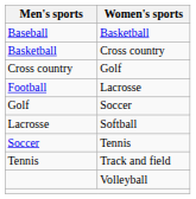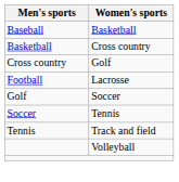 <table class="wikitable" style= "">
 <tr>
 <th width=120px>Men's sports</th>
 <th width=120px>Women's sports</th>
 </tr>
 <tr>
 <td><a href='#'>Baseball</a></td>
 <td><a href='#'>Basketball</a></td>
 </tr>
 <tr>
 <td><a href='#'>Basketball</a></td>
 <td>Cross country</td>
 </tr>
 <tr>
 <td>Cross country</td>
 <td>Golf</td>
 </tr>
 <tr>
 <td><a href='#'>Football</a></td>
 <td>Lacrosse</td>
 </tr>
 <tr>
 <td>Golf</td>
 <td>Soccer</td>
 </tr>
 <tr>
-<td>Lacrosse</td>
-<td>Softball</td>
-</tr>
-<tr>
 <td><a href='#'>Soccer</a></td>
 <td>Tennis</td>
 </tr>
 <tr>
 <td>Tennis</td>
 <td>Track and field</td>
 </tr>
 <tr>
 <td></td>
 <td>Volleyball</td>
 </tr>
 <tr>
 <td colspan="2"></td>
 </tr>
 </table>
